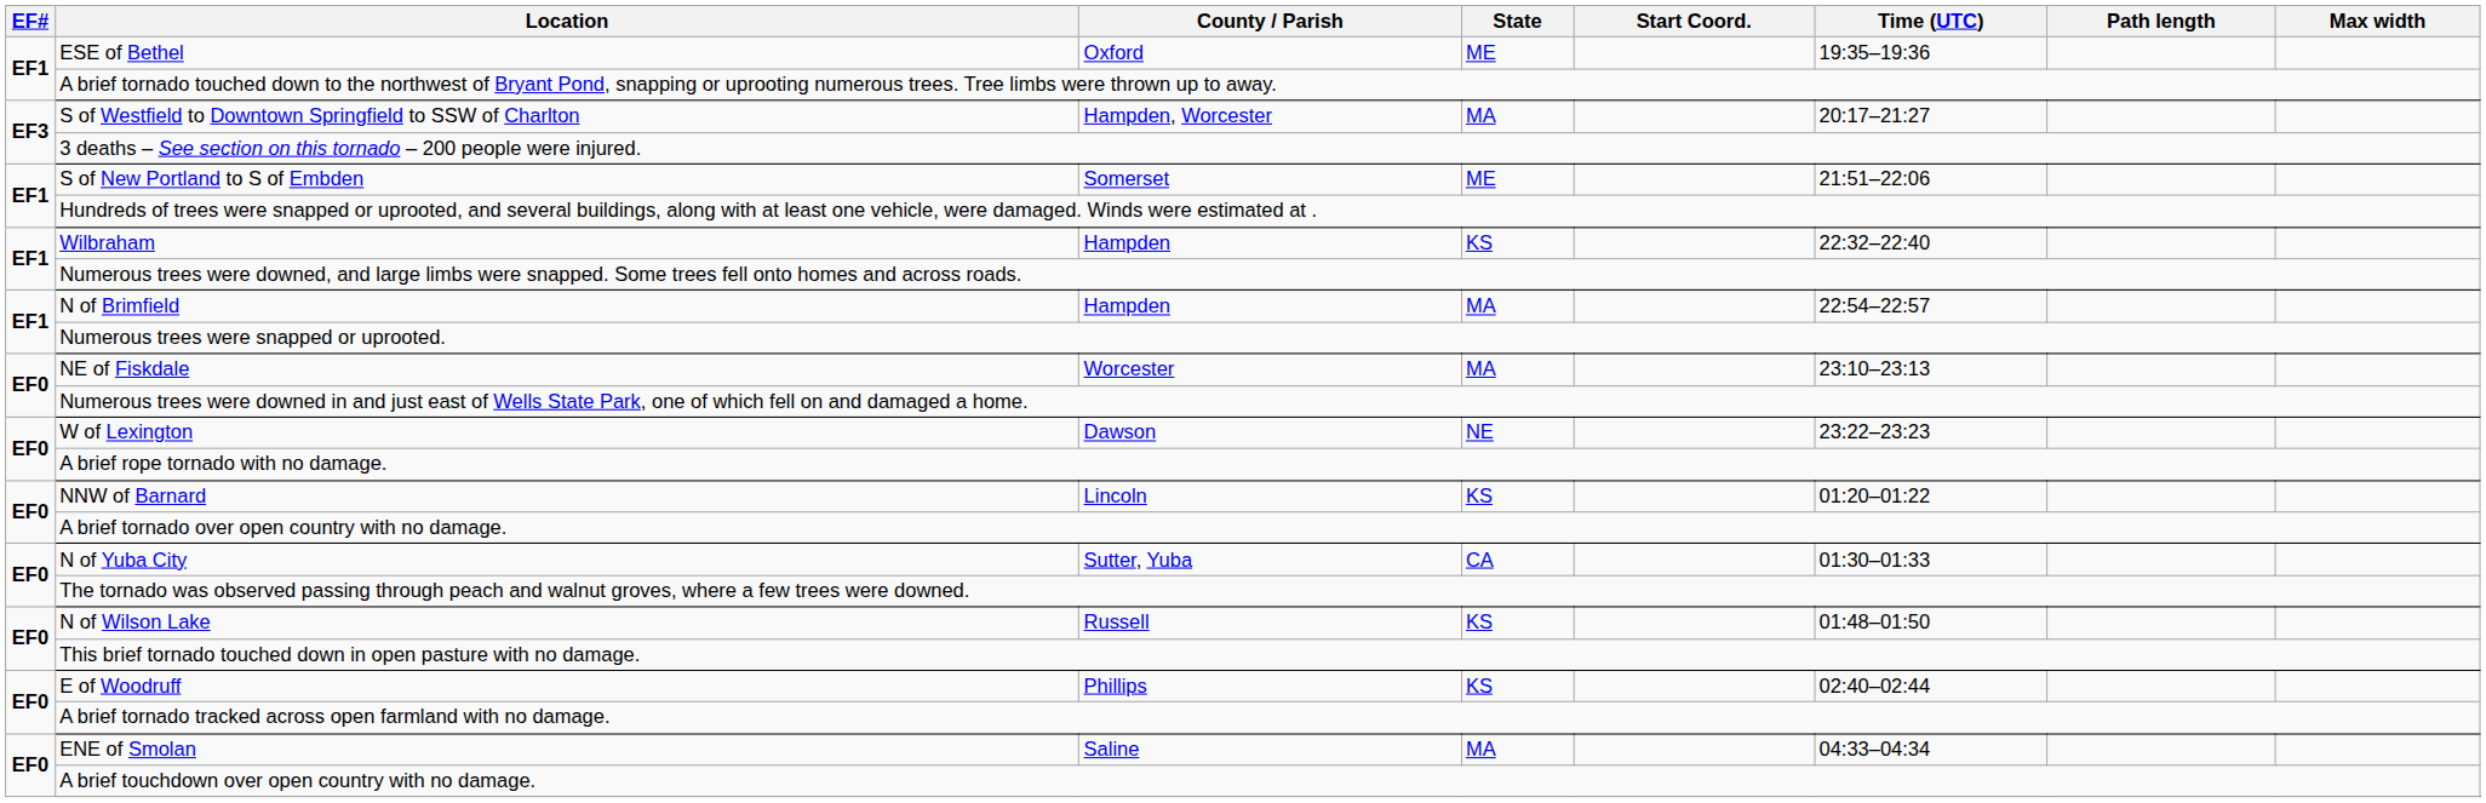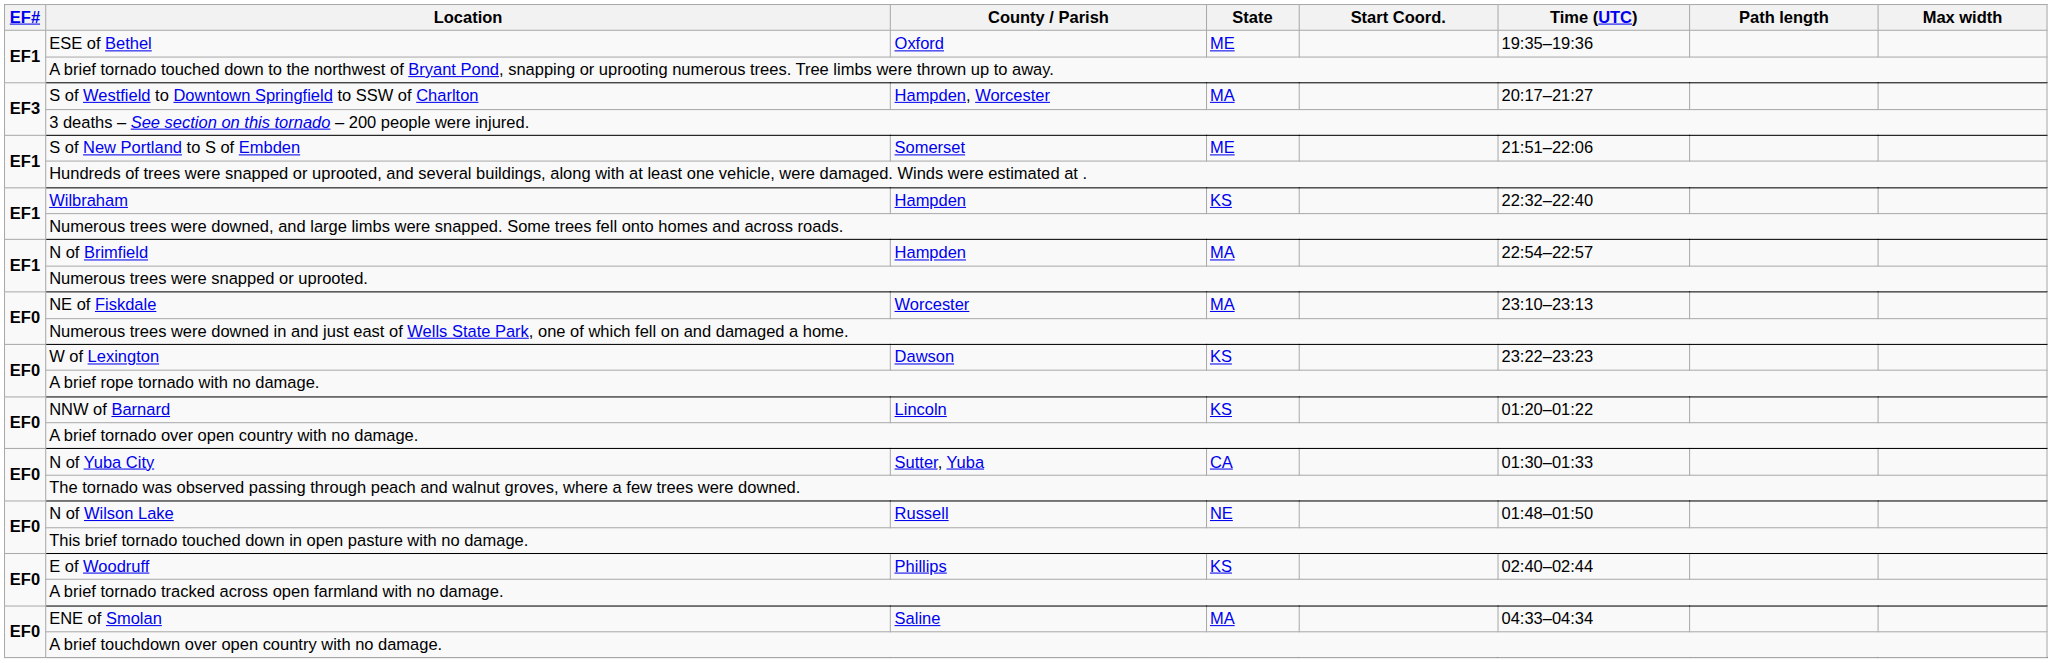 <table class="wikitable sortable" style="width:100%;">
 <tr>
 <th scope="col" width="2%" align="center"><a href='#'>EF#</a></th>
 <th scope="col" align="center" class="unsortable">Location</th>
 <th scope="col" align="center" class="unsortable">County / Parish</th>
 <th scope="col" align="center">State</th>
 <th scope="col" align="center" data-sort-type="number">Start Coord.</th>
 <th scope="col" align="center" data-sort-type="number">Time (<a href='#'>UTC</a>)</th>
 <th scope="col" align="center" data-sort-type="number">Path length</th>
 <th scope="col" align="center" data-sort-type="number">Max width</th>
 </tr>
 <tr>
 <td rowspan="2" align="center"><strong>EF1</strong></td>
 <td>ESE of <a href='#'>Bethel</a></td>
 <td><a href='#'>Oxford</a></td>
 <td><a href='#'>ME</a></td>
 <td></td>
 <td>19:35–19:36</td>
 <td></td>
 <td></td>
 </tr>
 <tr class="expand-child">
 <td colspan="8" style=" border-bottom: 1px solid black;">A brief tornado touched down to the northwest of <a href='#'>Bryant Pond</a>, snapping or uprooting numerous trees. Tree limbs were thrown up to  away.</td>
 </tr>
 <tr>
 <td rowspan="2" align="center"><strong>EF3</strong></td>
 <td>S of <a href='#'>Westfield</a> to <a href='#'>Downtown Springfield</a> to SSW of <a href='#'>Charlton</a></td>
 <td><a href='#'>Hampden</a>, <a href='#'>Worcester</a></td>
 <td><a href='#'>MA</a></td>
 <td></td>
 <td>20:17–21:27</td>
 <td></td>
 <td></td>
 </tr>
 <tr class="expand-child">
 <td colspan="8" style=" border-bottom: 1px solid black;">3 deaths – <em><a href='#'>See section on this tornado</a></em> – 200 people were injured.</td>
 </tr>
 <tr>
 <td rowspan="2" align="center"><strong>EF1</strong></td>
 <td>S of <a href='#'>New Portland</a> to S of <a href='#'>Embden</a></td>
 <td><a href='#'>Somerset</a></td>
 <td><a href='#'>ME</a></td>
 <td></td>
 <td>21:51–22:06</td>
 <td></td>
 <td></td>
 </tr>
 <tr class="expand-child">
 <td colspan="8" style=" border-bottom: 1px solid black;">Hundreds of trees were snapped or uprooted, and several buildings, along with at least one vehicle, were damaged. Winds were estimated at .</td>
 </tr>
 <tr>
 <td rowspan="2" align="center"><strong>EF1</strong></td>
 <td><a href='#'>Wilbraham</a></td>
 <td><a href='#'>Hampden</a></td>
 <td><a href='#'>KS</a></td>
 <td></td>
 <td>22:32–22:40</td>
 <td></td>
 <td></td>
 </tr>
 <tr class="expand-child">
 <td colspan="8" style=" border-bottom: 1px solid black;">Numerous trees were downed, and large limbs were snapped. Some trees fell onto homes and across roads.</td>
 </tr>
 <tr>
 <td rowspan="2" align="center"><strong>EF1</strong></td>
 <td>N of <a href='#'>Brimfield</a></td>
 <td><a href='#'>Hampden</a></td>
 <td><a href='#'>MA</a></td>
 <td></td>
 <td>22:54–22:57</td>
 <td></td>
 <td></td>
 </tr>
 <tr class="expand-child">
 <td colspan="8" style=" border-bottom: 1px solid black;">Numerous trees were snapped or uprooted.</td>
 </tr>
 <tr>
 <td rowspan="2" align="center"><strong>EF0</strong></td>
 <td>NE of <a href='#'>Fiskdale</a></td>
 <td><a href='#'>Worcester</a></td>
 <td><a href='#'>MA</a></td>
 <td></td>
 <td>23:10–23:13</td>
 <td></td>
 <td></td>
 </tr>
 <tr class="expand-child">
 <td colspan="8" style=" border-bottom: 1px solid black;">Numerous trees were downed in and just east of <a href='#'>Wells State Park</a>, one of which fell on and damaged a home.</td>
 </tr>
 <tr>
 <td rowspan="2" align="center"><strong>EF0</strong></td>
 <td>W of <a href='#'>Lexington</a></td>
 <td><a href='#'>Dawson</a></td>
-<td><a href='#'>NE</a></td>
+<td><a href='#'>KS</a></td>
 <td></td>
 <td>23:22–23:23</td>
 <td></td>
 <td></td>
 </tr>
 <tr class="expand-child">
 <td colspan="8" style=" border-bottom: 1px solid black;">A brief rope tornado with no damage.</td>
 </tr>
 <tr>
 <td rowspan="2" align="center"><strong>EF0</strong></td>
 <td>NNW of <a href='#'>Barnard</a></td>
 <td><a href='#'>Lincoln</a></td>
 <td><a href='#'>KS</a></td>
 <td></td>
 <td>01:20–01:22</td>
 <td></td>
 <td></td>
 </tr>
 <tr class="expand-child">
 <td colspan="8" style=" border-bottom: 1px solid black;">A brief tornado over open country with no damage.</td>
 </tr>
 <tr>
 <td rowspan="2" align="center"><strong>EF0</strong></td>
 <td>N of <a href='#'>Yuba City</a></td>
 <td><a href='#'>Sutter</a>, <a href='#'>Yuba</a></td>
 <td><a href='#'>CA</a></td>
 <td></td>
 <td>01:30–01:33</td>
 <td></td>
 <td></td>
 </tr>
 <tr class="expand-child">
 <td colspan="8" style=" border-bottom: 1px solid black;">The tornado was observed passing through peach and walnut groves, where a few trees were downed.</td>
 </tr>
 <tr>
 <td rowspan="2" align="center"><strong>EF0</strong></td>
 <td>N of <a href='#'>Wilson Lake</a></td>
 <td><a href='#'>Russell</a></td>
-<td><a href='#'>KS</a></td>
+<td><a href='#'>NE</a></td>
 <td></td>
 <td>01:48–01:50</td>
 <td></td>
 <td></td>
 </tr>
 <tr class="expand-child">
 <td colspan="8" style=" border-bottom: 1px solid black;">This brief tornado touched down in open pasture with no damage.</td>
 </tr>
 <tr>
 <td rowspan="2" align="center"><strong>EF0</strong></td>
 <td>E of <a href='#'>Woodruff</a></td>
 <td><a href='#'>Phillips</a></td>
 <td><a href='#'>KS</a></td>
 <td></td>
 <td>02:40–02:44</td>
 <td></td>
 <td></td>
 </tr>
 <tr class="expand-child">
 <td colspan="8" style=" border-bottom: 1px solid black;">A brief tornado tracked across open farmland with no damage.</td>
 </tr>
 <tr>
 <td rowspan="2" align="center"><strong>EF0</strong></td>
 <td>ENE of <a href='#'>Smolan</a></td>
 <td><a href='#'>Saline</a></td>
 <td><a href='#'>MA</a></td>
 <td></td>
 <td>04:33–04:34</td>
 <td></td>
 <td></td>
 </tr>
 <tr class="expand-child">
 <td colspan="8" style=" border-bottom: 1px solid black;">A brief touchdown over open country with no damage.</td>
 </tr>
 <tr>
 </tr>
 </table>
